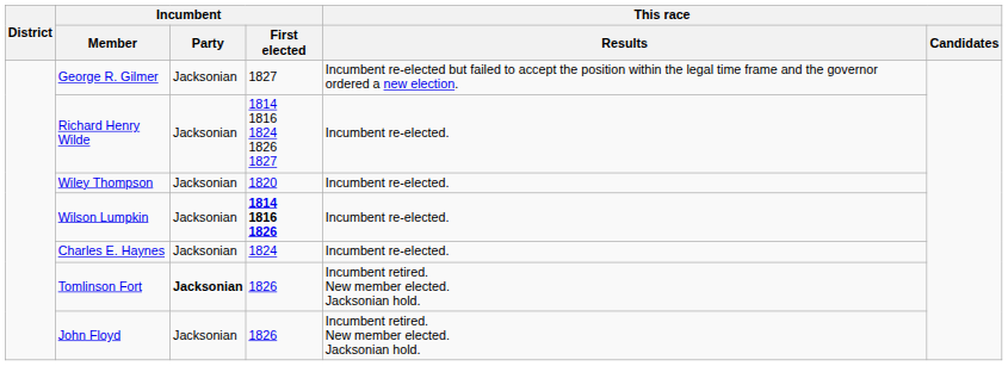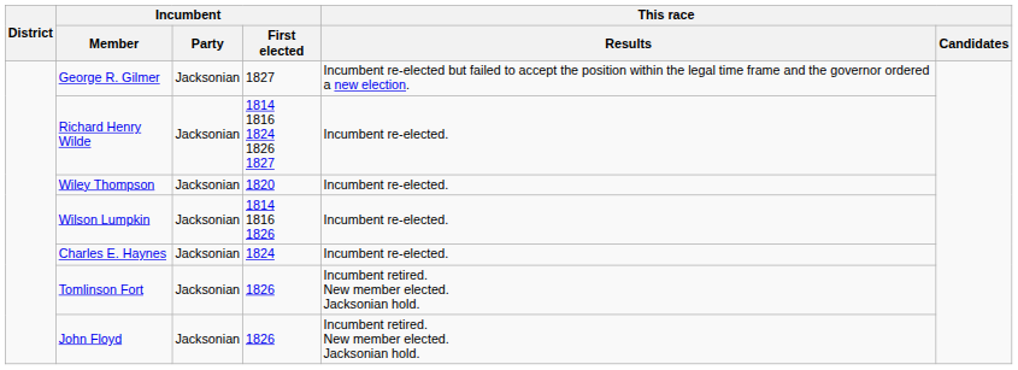 <table class=wikitable>
 <tr>
 <th rowspan=2>District</th>
 <th colspan=3>Incumbent</th>
 <th colspan=2>This race</th>
 </tr>
 <tr>
 <th>Member</th>
 <th>Party</th>
 <th>First elected</th>
 <th>Results</th>
 <th>Candidates</th>
 </tr>
 <tr>
 <td rowspan=7><br></td>
 <td><a href='#'>George R. Gilmer</a><br></td>
 <td>Jacksonian</td>
 <td>1827 </td>
 <td>Incumbent re-elected but failed to accept the position within the legal time frame and the governor ordered a <a href='#'>new election</a>.</td>
 <td nowrap rowspan=7></td>
 </tr>
 <tr>
 <td><a href='#'>Richard Henry Wilde</a><br></td>
 <td>Jacksonian</td>
 <td><a href='#'>1814</a><br>1816 <br><a href='#'>1824 </a><br>1826 <br><a href='#'>1827 </a></td>
 <td>Incumbent re-elected.</td>
 </tr>
 <tr>
 <td><a href='#'>Wiley Thompson</a><br></td>
 <td>Jacksonian</td>
 <td><a href='#'>1820</a></td>
 <td>Incumbent re-elected.</td>
 </tr>
 <tr>
 <td><a href='#'>Wilson Lumpkin</a><br></td>
 <td>Jacksonian</td>
-<td><strong><a href='#'>1814</a><br>1816 <br><a href='#'>1826</a></strong></td>
+<td><a href='#'>1814</a><br>1816 <br><a href='#'>1826</a></td>
 <td>Incumbent re-elected.</td>
 </tr>
 <tr>
 <td><a href='#'>Charles E. Haynes</a><br></td>
 <td>Jacksonian</td>
 <td><a href='#'>1824</a></td>
 <td>Incumbent re-elected.</td>
 </tr>
 <tr>
 <td><a href='#'>Tomlinson Fort</a><br></td>
-<td><strong>Jacksonian</strong></td>
+<td>Jacksonian</td>
 <td><a href='#'>1826</a></td>
 <td>Incumbent retired.<br>New member elected.<br>Jacksonian hold.</td>
 </tr>
 <tr>
 <td><a href='#'>John Floyd</a><br></td>
 <td>Jacksonian</td>
 <td><a href='#'>1826</a></td>
 <td>Incumbent retired.<br>New member elected.<br>Jacksonian hold.</td>
 </tr>
 </table>
